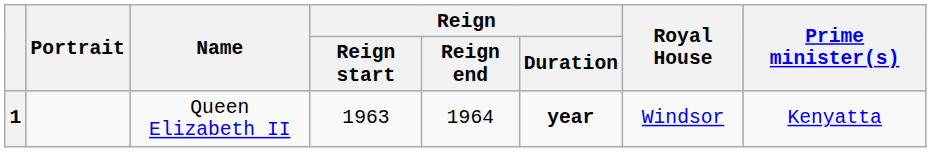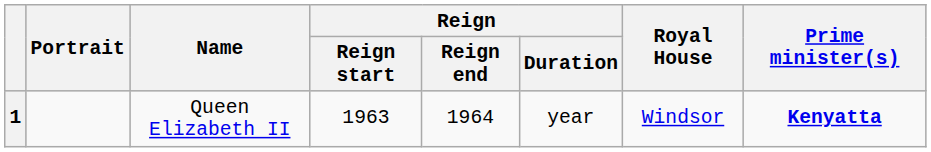 <table class="wikitable" style="font-size:100%;text-align:center">
 <tr>
 <th rowspan="2"></th>
 <th rowspan="2">Portrait</th>
 <th rowspan="2">Name<br></th>
 <th colspan="3">Reign</th>
 <th rowspan="2">Royal House</th>
 <th rowspan="2"><a href='#'>Prime minister(s)</a></th>
 </tr>
 <tr>
 <th>Reign start</th>
 <th>Reign end</th>
 <th>Duration</th>
 </tr>
 <tr>
 <th>1</th>
 <td></td>
 <td>Queen <a href='#'>Elizabeth II</a><br></td>
 <td> 1963</td>
 <td> 1964</td>
-<td><strong> year</strong></td>
+<td> year</td>
 <td><a href='#'>Windsor</a></td>
-<td><a href='#'>Kenyatta</a></td>
+<td><strong><a href='#'>Kenyatta</a></strong></td>
 </tr>
 </table>
